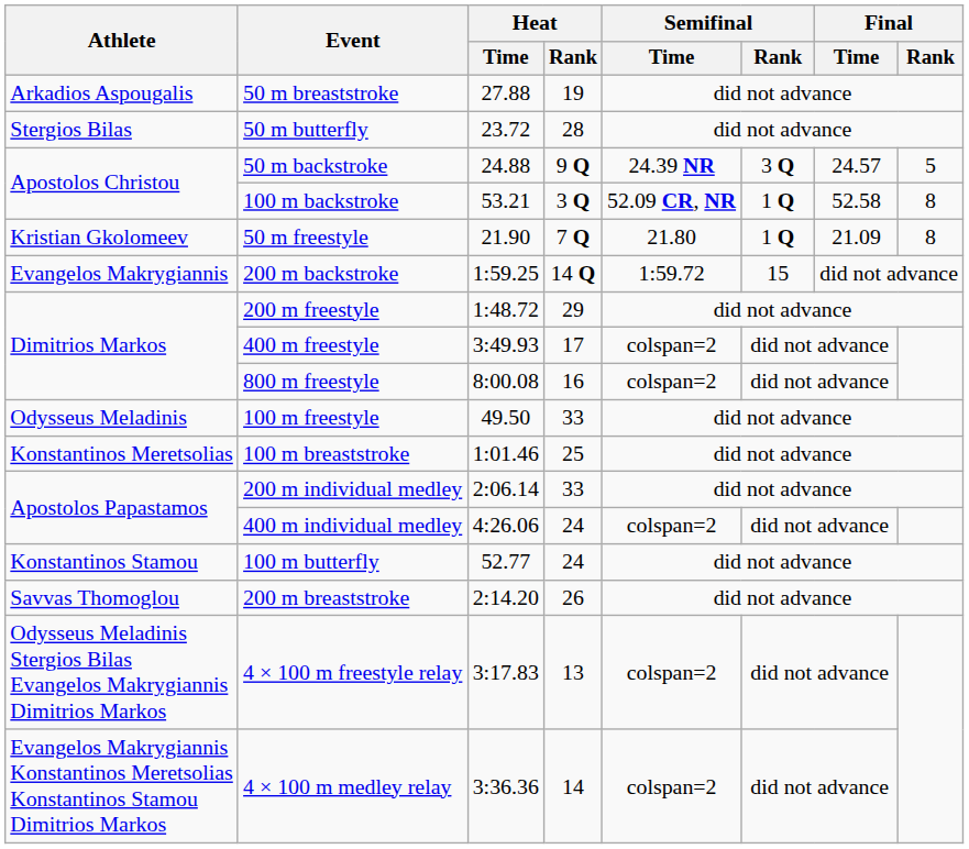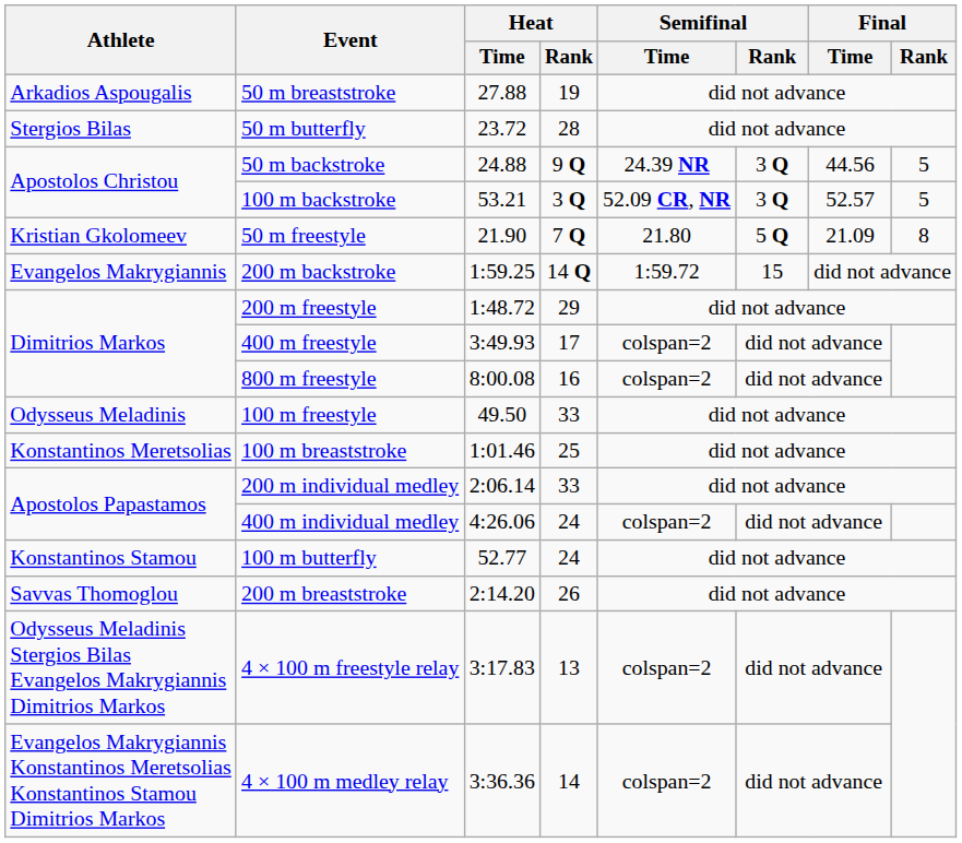 <table class=wikitable style="font-size:90%">
 <tr>
 <th rowspan="2">Athlete</th>
 <th rowspan="2">Event</th>
 <th colspan="2">Heat</th>
 <th colspan="2">Semifinal</th>
 <th colspan="2">Final</th>
 </tr>
 <tr style="font-size:95%">
 <th>Time</th>
 <th>Rank</th>
 <th>Time</th>
 <th>Rank</th>
 <th>Time</th>
 <th>Rank</th>
 </tr>
 <tr style="text-align:center">
 <td style="text-align:left"><a href='#'>Arkadios Aspougalis</a></td>
 <td style="text-align:left"><a href='#'>50 m breaststroke</a></td>
 <td>27.88</td>
 <td>19</td>
 <td colspan=4>did not advance</td>
 </tr>
 <tr style="text-align:center">
 <td style="text-align:left"><a href='#'>Stergios Bilas</a></td>
 <td style="text-align:left"><a href='#'>50 m butterfly</a></td>
 <td>23.72</td>
 <td>28</td>
 <td colspan=4>did not advance</td>
 </tr>
 <tr style="text-align:center">
 <td style="text-align:left" rowspan=2><a href='#'>Apostolos Christou</a></td>
 <td style="text-align:left"><a href='#'>50 m backstroke</a></td>
 <td>24.88</td>
 <td>9 <strong>Q</strong></td>
 <td>24.39 <strong><a href='#'>NR</a></strong></td>
 <td>3 <strong>Q</strong></td>
-<td>24.57</td>
+<td>44.56</td>
 <td>5</td>
 </tr>
 <tr style="text-align:center">
 <td style="text-align:left"><a href='#'>100 m backstroke</a></td>
 <td>53.21</td>
 <td>3 <strong>Q</strong></td>
 <td>52.09 <strong><a href='#'>CR</a></strong>, <strong><a href='#'>NR</a></strong></td>
-<td>1 <strong>Q</strong></td>
-<td>52.58</td>
-<td>8</td>
+<td>3 <strong>Q</strong></td>
+<td>52.57</td>
+<td>5</td>
 </tr>
 <tr style="text-align:center">
 <td style="text-align:left"><a href='#'>Kristian Gkolomeev</a></td>
 <td style="text-align:left"><a href='#'>50 m freestyle</a></td>
 <td>21.90</td>
 <td>7 <strong>Q</strong></td>
 <td>21.80</td>
-<td>1 <strong>Q</strong></td>
+<td>5 <strong>Q</strong></td>
 <td>21.09</td>
 <td>8</td>
 </tr>
 <tr style="text-align:center">
 <td style="text-align:left"><a href='#'>Evangelos Makrygiannis</a></td>
 <td style="text-align:left"><a href='#'>200 m backstroke</a></td>
 <td>1:59.25</td>
 <td>14 <strong>Q</strong></td>
 <td>1:59.72</td>
 <td>15</td>
 <td colspan=2>did not advance</td>
 </tr>
 <tr style="text-align:center">
 <td style="text-align:left" rowspan=3><a href='#'>Dimitrios Markos</a></td>
 <td style="text-align:left"><a href='#'>200 m freestyle</a></td>
 <td>1:48.72</td>
 <td>29</td>
 <td colspan=4>did not advance</td>
 </tr>
 <tr style="text-align:center">
 <td style="text-align:left"><a href='#'>400 m freestyle</a></td>
 <td>3:49.93</td>
 <td>17</td>
 <td>colspan=2 </td>
 <td colspan=2>did not advance</td>
 </tr>
 <tr style="text-align:center">
 <td style="text-align:left"><a href='#'>800 m freestyle</a></td>
 <td>8:00.08</td>
 <td>16</td>
 <td>colspan=2 </td>
 <td colspan=2>did not advance</td>
 </tr>
 <tr style="text-align:center">
 <td style="text-align:left"><a href='#'>Odysseus Meladinis</a></td>
 <td style="text-align:left"><a href='#'>100 m freestyle</a></td>
 <td>49.50</td>
 <td>33</td>
 <td colspan=4>did not advance</td>
 </tr>
 <tr style="text-align:center">
 <td style="text-align:left"><a href='#'>Konstantinos Meretsolias</a></td>
 <td style="text-align:left"><a href='#'>100 m breaststroke</a></td>
 <td>1:01.46</td>
 <td>25</td>
 <td colspan=4>did not advance</td>
 </tr>
 <tr style="text-align:center">
 <td style="text-align:left" rowspan=2><a href='#'>Apostolos Papastamos</a></td>
 <td style="text-align:left"><a href='#'>200 m individual medley</a></td>
 <td>2:06.14</td>
 <td>33</td>
 <td colspan=4>did not advance</td>
 </tr>
 <tr style="text-align:center">
 <td style="text-align:left"><a href='#'>400 m individual medley</a></td>
 <td>4:26.06</td>
 <td>24</td>
 <td>colspan=2 </td>
 <td colspan=2>did not advance</td>
 </tr>
 <tr style="text-align:center">
 <td style="text-align:left"><a href='#'>Konstantinos Stamou</a></td>
 <td style="text-align:left"><a href='#'>100 m butterfly</a></td>
 <td>52.77</td>
 <td>24</td>
 <td colspan=4>did not advance</td>
 </tr>
 <tr style="text-align:center">
 <td style="text-align:left"><a href='#'>Savvas Thomoglou</a></td>
 <td style="text-align:left"><a href='#'>200 m breaststroke</a></td>
 <td>2:14.20</td>
 <td>26</td>
 <td colspan=4>did not advance</td>
 </tr>
 <tr style="text-align:center">
 <td style="text-align:left"><a href='#'>Odysseus Meladinis</a><br><a href='#'>Stergios Bilas</a><br><a href='#'>Evangelos Makrygiannis</a><br><a href='#'>Dimitrios Markos</a></td>
 <td style="text-align:left"><a href='#'>4 × 100 m freestyle relay</a></td>
 <td>3:17.83</td>
 <td>13</td>
 <td>colspan=2 </td>
 <td colspan=2>did not advance</td>
 </tr>
 <tr style="text-align:center">
 <td style="text-align:left"><a href='#'>Evangelos Makrygiannis</a><br><a href='#'>Konstantinos Meretsolias</a><br><a href='#'>Konstantinos Stamou</a><br><a href='#'>Dimitrios Markos</a></td>
 <td style="text-align:left"><a href='#'>4 × 100 m medley relay</a></td>
 <td>3:36.36</td>
 <td>14</td>
 <td>colspan=2 </td>
 <td colspan=2>did not advance</td>
 </tr>
 </table>
